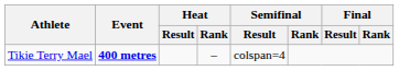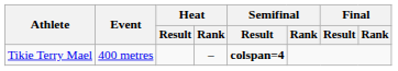 <table class=wikitable style=font-size:90%>
 <tr>
 <th rowspan=2>Athlete</th>
 <th rowspan=2>Event</th>
 <th colspan=2>Heat</th>
 <th colspan=2>Semifinal</th>
 <th colspan=2>Final</th>
 </tr>
 <tr style=font-size:95%>
 <th>Result</th>
 <th>Rank</th>
 <th>Result</th>
 <th>Rank</th>
 <th>Result</th>
 <th>Rank</th>
 </tr>
 <tr align=center>
 <td align=left><a href='#'>Tikie Terry Mael</a></td>
-<td align=left><strong><a href='#'>400 metres</a></strong></td>
+<td align=left><a href='#'>400 metres</a></td>
 <td></td>
 <td>–</td>
-<td>colspan=4 </td>
+<td><strong>colspan=4 </strong></td>
 </tr>
 </table>
